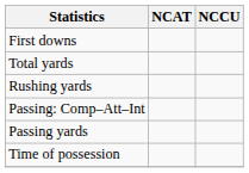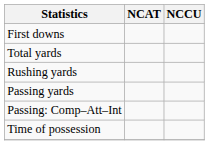 <table class="wikitable" style="float: left;">
 <tr>
 <th>Statistics</th>
 <th>NCAT</th>
 <th>NCCU</th>
 </tr>
 <tr>
 <td>First downs</td>
 <td></td>
 <td></td>
 </tr>
 <tr>
 <td>Total yards</td>
 <td></td>
 <td></td>
 </tr>
 <tr>
 <td>Rushing yards</td>
 <td></td>
 <td></td>
 </tr>
 <tr>
-<td>Passing: Comp–Att–Int</td>
+<td>Passing yards</td>
 <td></td>
 <td></td>
 </tr>
 <tr>
-<td>Passing yards</td>
+<td>Passing: Comp–Att–Int</td>
 <td></td>
 <td></td>
 </tr>
 <tr>
 <td>Time of possession</td>
 <td></td>
 <td></td>
 </tr>
 <tr>
 </tr>
 </table>
